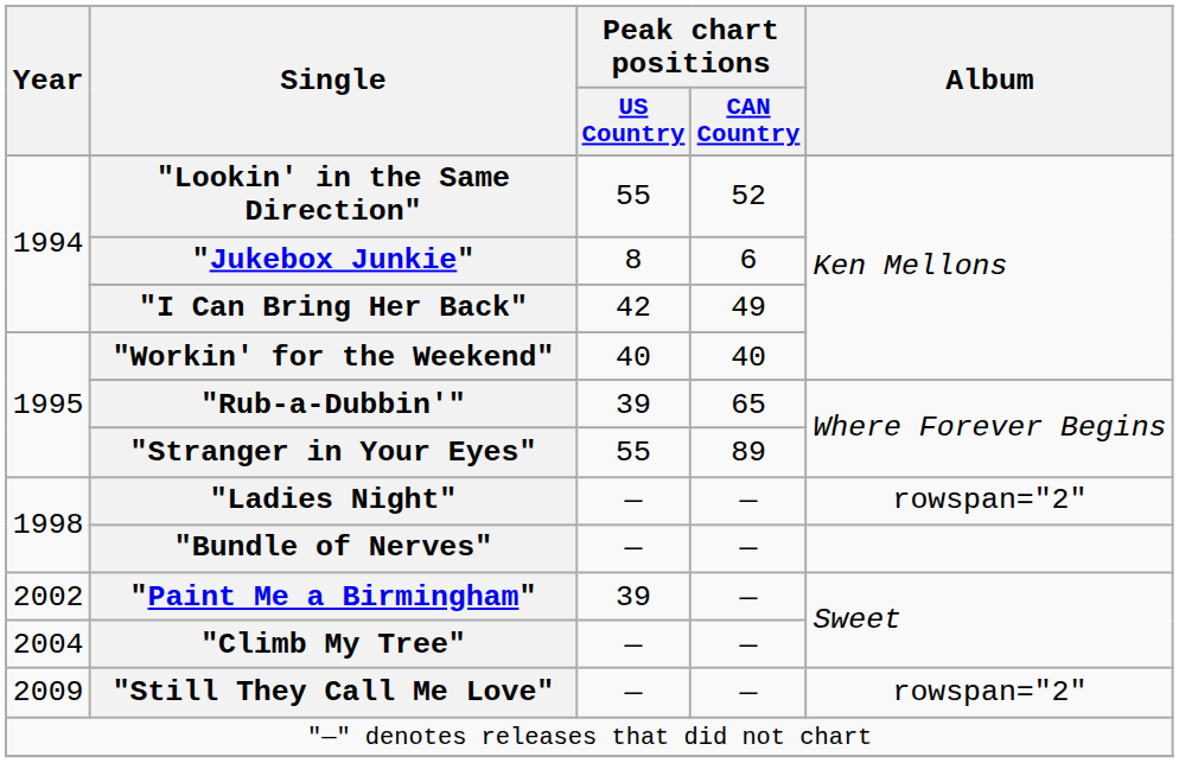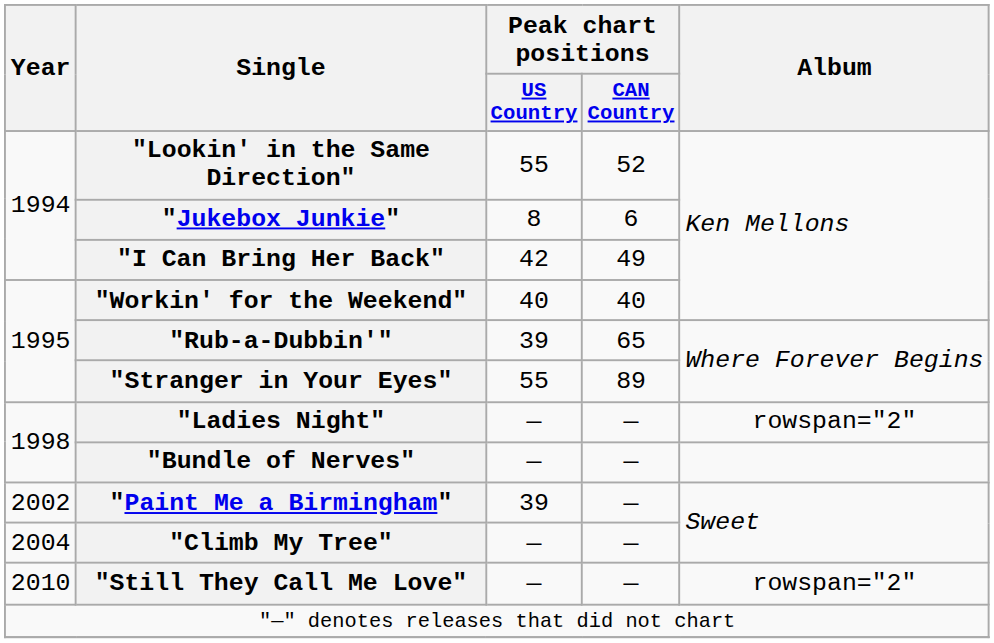 <table class="wikitable plainrowheaders" style="text-align:center;">
 <tr>
 <th rowspan="2">Year</th>
 <th rowspan="2" style="width:16em;">Single</th>
 <th colspan="2">Peak chart<br>positions</th>
 <th rowspan="2">Album</th>
 </tr>
 <tr style="font-size:smaller;">
 <th width="45"><a href='#'>US Country</a><br></th>
 <th width="45"><a href='#'>CAN Country</a><br></th>
 </tr>
 <tr>
 <td rowspan="3">1994</td>
 <th scope="row">"Lookin' in the Same Direction"</th>
 <td>55</td>
 <td>52</td>
 <td align="left" rowspan="4"><em>Ken Mellons</em></td>
 </tr>
 <tr>
 <th scope="row">"<a href='#'>Jukebox Junkie</a>"</th>
 <td>8</td>
 <td>6</td>
 </tr>
 <tr>
 <th scope="row">"I Can Bring Her Back"</th>
 <td>42</td>
 <td>49</td>
 </tr>
 <tr>
 <td rowspan="3">1995</td>
 <th scope="row">"Workin' for the Weekend"</th>
 <td>40</td>
 <td>40</td>
 </tr>
 <tr>
 <th scope="row">"Rub-a-Dubbin'"</th>
 <td>39</td>
 <td>65</td>
 <td align="left" rowspan="2"><em>Where Forever Begins</em></td>
 </tr>
 <tr>
 <th scope="row">"Stranger in Your Eyes"</th>
 <td>55</td>
 <td>89</td>
 </tr>
 <tr>
 <td rowspan=2>1998</td>
 <th scope="row">"Ladies Night"</th>
 <td>—</td>
 <td>—</td>
 <td>rowspan="2" </td>
 </tr>
 <tr>
 <th scope="row">"Bundle of Nerves"</th>
 <td>—</td>
 <td>—</td>
 </tr>
 <tr>
 <td>2002</td>
 <th scope="row">"<a href='#'>Paint Me a Birmingham</a>"</th>
 <td>39</td>
 <td>—</td>
 <td align="left" rowspan="2"><em>Sweet</em></td>
 </tr>
 <tr>
 <td>2004</td>
 <th scope="row">"Climb My Tree"</th>
 <td>—</td>
 <td>—</td>
 </tr>
 <tr>
-<td>2009</td>
+<td>2010</td>
 <th scope="row">"Still They Call Me Love"</th>
 <td>—</td>
 <td>—</td>
 <td>rowspan="2" </td>
 </tr>
 <tr>
 <td colspan="5" style="font-size:8pt">"—" denotes releases that did not chart</td>
 </tr>
 <tr>
 </tr>
 </table>
